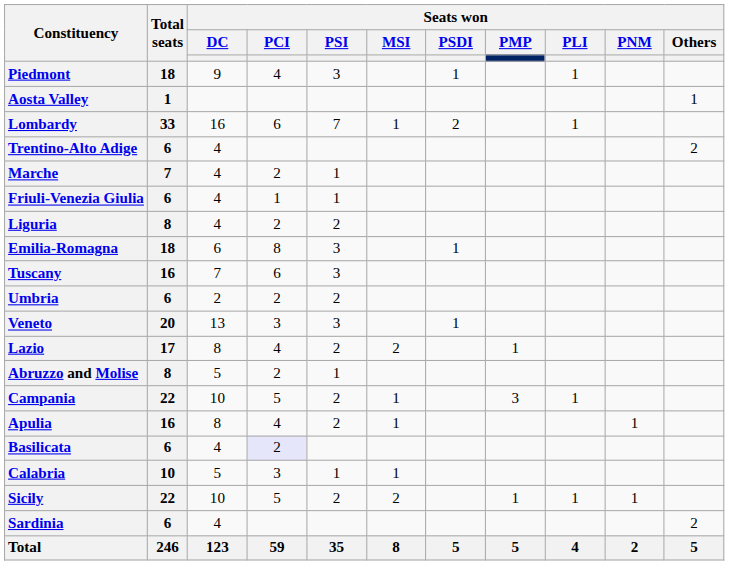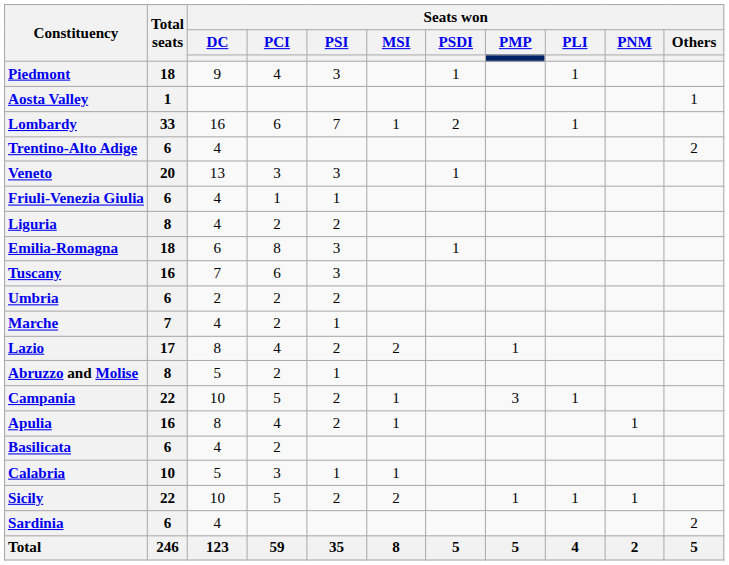 <table class="wikitable" style="text-align:center; font-size: 0.9em">
 <tr>
 <th rowspan="3">Constituency</th>
 <th rowspan="3">Total<br>seats</th>
 <th colspan="9">Seats won</th>
 </tr>
 <tr>
 <th class="unsortable" style="width:50px;"><a href='#'>DC</a></th>
 <th class="unsortable" style="width:50px;"><a href='#'>PCI</a></th>
 <th class="unsortable" style="width:50px;"><a href='#'>PSI</a></th>
 <th class="unsortable" style="width:50px;"><a href='#'>MSI</a></th>
 <th class="unsortable" style="width:50px;"><a href='#'>PSDI</a></th>
 <th class="unsortable" style="width:50px;"><a href='#'>PMP</a></th>
 <th class="unsortable" style="width:50px;"><a href='#'>PLI</a></th>
 <th class="unsortable" style="width:50px;"><a href='#'>PNM</a></th>
 <th class="unsortable" style="width:50px;">Others</th>
 </tr>
 <tr>
 <th style="background:"></th>
 <th style="background:"></th>
 <th style="background:"></th>
 <th style="background:"></th>
 <th style="background:"></th>
 <th style="background-color:#002366"></th>
 <th style="background:"></th>
 <th style="background:"></th>
 <th style="background:"></th>
 </tr>
 <tr>
 <th style="text-align: left;"><a href='#'>Piedmont</a></th>
 <th>18</th>
 <td>9</td>
 <td>4</td>
 <td>3</td>
 <td></td>
 <td>1</td>
 <td></td>
 <td>1</td>
 <td></td>
 <td></td>
 </tr>
 <tr>
 <th style="text-align: left;"><a href='#'>Aosta Valley</a></th>
 <th>1</th>
 <td></td>
 <td></td>
 <td></td>
 <td></td>
 <td></td>
 <td></td>
 <td></td>
 <td></td>
 <td>1</td>
 </tr>
 <tr>
 <th style="text-align: left;"><a href='#'>Lombardy</a></th>
 <th>33</th>
 <td>16</td>
 <td>6</td>
 <td>7</td>
 <td>1</td>
 <td>2</td>
 <td></td>
 <td>1</td>
 <td></td>
 <td></td>
 </tr>
 <tr>
 <th style="text-align: left;"><a href='#'>Trentino-Alto Adige</a></th>
 <th>6</th>
 <td>4</td>
 <td></td>
 <td></td>
 <td></td>
 <td></td>
 <td></td>
 <td></td>
 <td></td>
 <td>2</td>
 </tr>
 <tr>
-<th style="text-align: left;"><a href='#'>Marche</a></th>
-<th>7</th>
-<td>4</td>
-<td>2</td>
+<th style="text-align: left;"><a href='#'>Veneto</a></th>
+<th>20</th>
+<td>13</td>
+<td>3</td>
+<td>3</td>
+<td></td>
 <td>1</td>
-<td></td>
-<td></td>
 <td></td>
 <td></td>
 <td></td>
 <td></td>
 </tr>
 <tr>
 <th style="text-align: left;"><a href='#'>Friuli-Venezia Giulia</a></th>
 <th>6</th>
 <td>4</td>
 <td>1</td>
 <td>1</td>
 <td></td>
 <td></td>
 <td></td>
 <td></td>
 <td></td>
 <td></td>
 </tr>
 <tr>
 <th style="text-align: left;"><a href='#'>Liguria</a></th>
 <th>8</th>
 <td>4</td>
 <td>2</td>
 <td>2</td>
 <td></td>
 <td></td>
 <td></td>
 <td></td>
 <td></td>
 <td></td>
 </tr>
 <tr>
 <th style="text-align: left;"><a href='#'>Emilia-Romagna</a></th>
 <th>18</th>
 <td>6</td>
 <td>8</td>
 <td>3</td>
 <td></td>
 <td>1</td>
 <td></td>
 <td></td>
 <td></td>
 <td></td>
 </tr>
 <tr>
 <th style="text-align: left;"><a href='#'>Tuscany</a></th>
 <th>16</th>
 <td>7</td>
 <td>6</td>
 <td>3</td>
 <td></td>
 <td></td>
 <td></td>
 <td></td>
 <td></td>
 <td></td>
 </tr>
 <tr>
 <th style="text-align: left;"><a href='#'>Umbria</a></th>
 <th>6</th>
 <td>2</td>
 <td>2</td>
 <td>2</td>
 <td></td>
 <td></td>
 <td></td>
 <td></td>
 <td></td>
 <td></td>
 </tr>
 <tr>
-<th style="text-align: left;"><a href='#'>Veneto</a></th>
-<th>20</th>
-<td>13</td>
-<td>3</td>
-<td>3</td>
+<th style="text-align: left;"><a href='#'>Marche</a></th>
+<th>7</th>
+<td>4</td>
+<td>2</td>
+<td>1</td>
 <td></td>
-<td>1</td>
+<td></td>
 <td></td>
 <td></td>
 <td></td>
 <td></td>
 </tr>
 <tr>
 <th style="text-align: left;"><a href='#'>Lazio</a></th>
 <th>17</th>
 <td>8</td>
 <td>4</td>
 <td>2</td>
 <td>2</td>
 <td></td>
 <td>1</td>
 <td></td>
 <td></td>
 <td></td>
 </tr>
 <tr>
 <th style="text-align: left;"><a href='#'>Abruzzo</a> and <a href='#'>Molise</a></th>
 <th>8</th>
 <td>5</td>
 <td>2</td>
 <td>1</td>
 <td></td>
 <td></td>
 <td></td>
 <td></td>
 <td></td>
 <td></td>
 </tr>
 <tr>
 <th style="text-align: left;"><a href='#'>Campania</a></th>
 <th>22</th>
 <td>10</td>
 <td>5</td>
 <td>2</td>
 <td>1</td>
 <td></td>
 <td>3</td>
 <td>1</td>
 <td></td>
 <td></td>
 </tr>
 <tr>
 <th style="text-align: left;"><a href='#'>Apulia</a></th>
 <th>16</th>
 <td>8</td>
 <td>4</td>
 <td>2</td>
 <td>1</td>
 <td></td>
 <td></td>
 <td></td>
 <td>1</td>
 <td></td>
 </tr>
 <tr>
 <th style="text-align: left;"><a href='#'>Basilicata</a></th>
 <th>6</th>
 <td>4</td>
-<td style="background: lavender;">2</td>
+<td>2</td>
 <td></td>
 <td></td>
 <td></td>
 <td></td>
 <td></td>
 <td></td>
 <td></td>
 </tr>
 <tr>
 <th style="text-align: left;"><a href='#'>Calabria</a></th>
 <th>10</th>
 <td>5</td>
 <td>3</td>
 <td>1</td>
 <td>1</td>
 <td></td>
 <td></td>
 <td></td>
 <td></td>
 <td></td>
 </tr>
 <tr>
 <th style="text-align: left;"><a href='#'>Sicily</a></th>
 <th>22</th>
 <td>10</td>
 <td>5</td>
 <td>2</td>
 <td>2</td>
 <td></td>
 <td>1</td>
 <td>1</td>
 <td>1</td>
 <td></td>
 </tr>
 <tr>
 <th style="text-align: left;"><a href='#'>Sardinia</a></th>
 <th>6</th>
 <td>4</td>
 <td></td>
 <td></td>
 <td></td>
 <td></td>
 <td></td>
 <td></td>
 <td></td>
 <td>2</td>
 </tr>
 <tr>
 <th style="text-align: left;">Total</th>
 <th>246</th>
 <th>123</th>
 <th>59</th>
 <th>35</th>
 <th>8</th>
 <th>5</th>
 <th>5</th>
 <th>4</th>
 <th>2</th>
 <th>5</th>
 </tr>
 </table>
